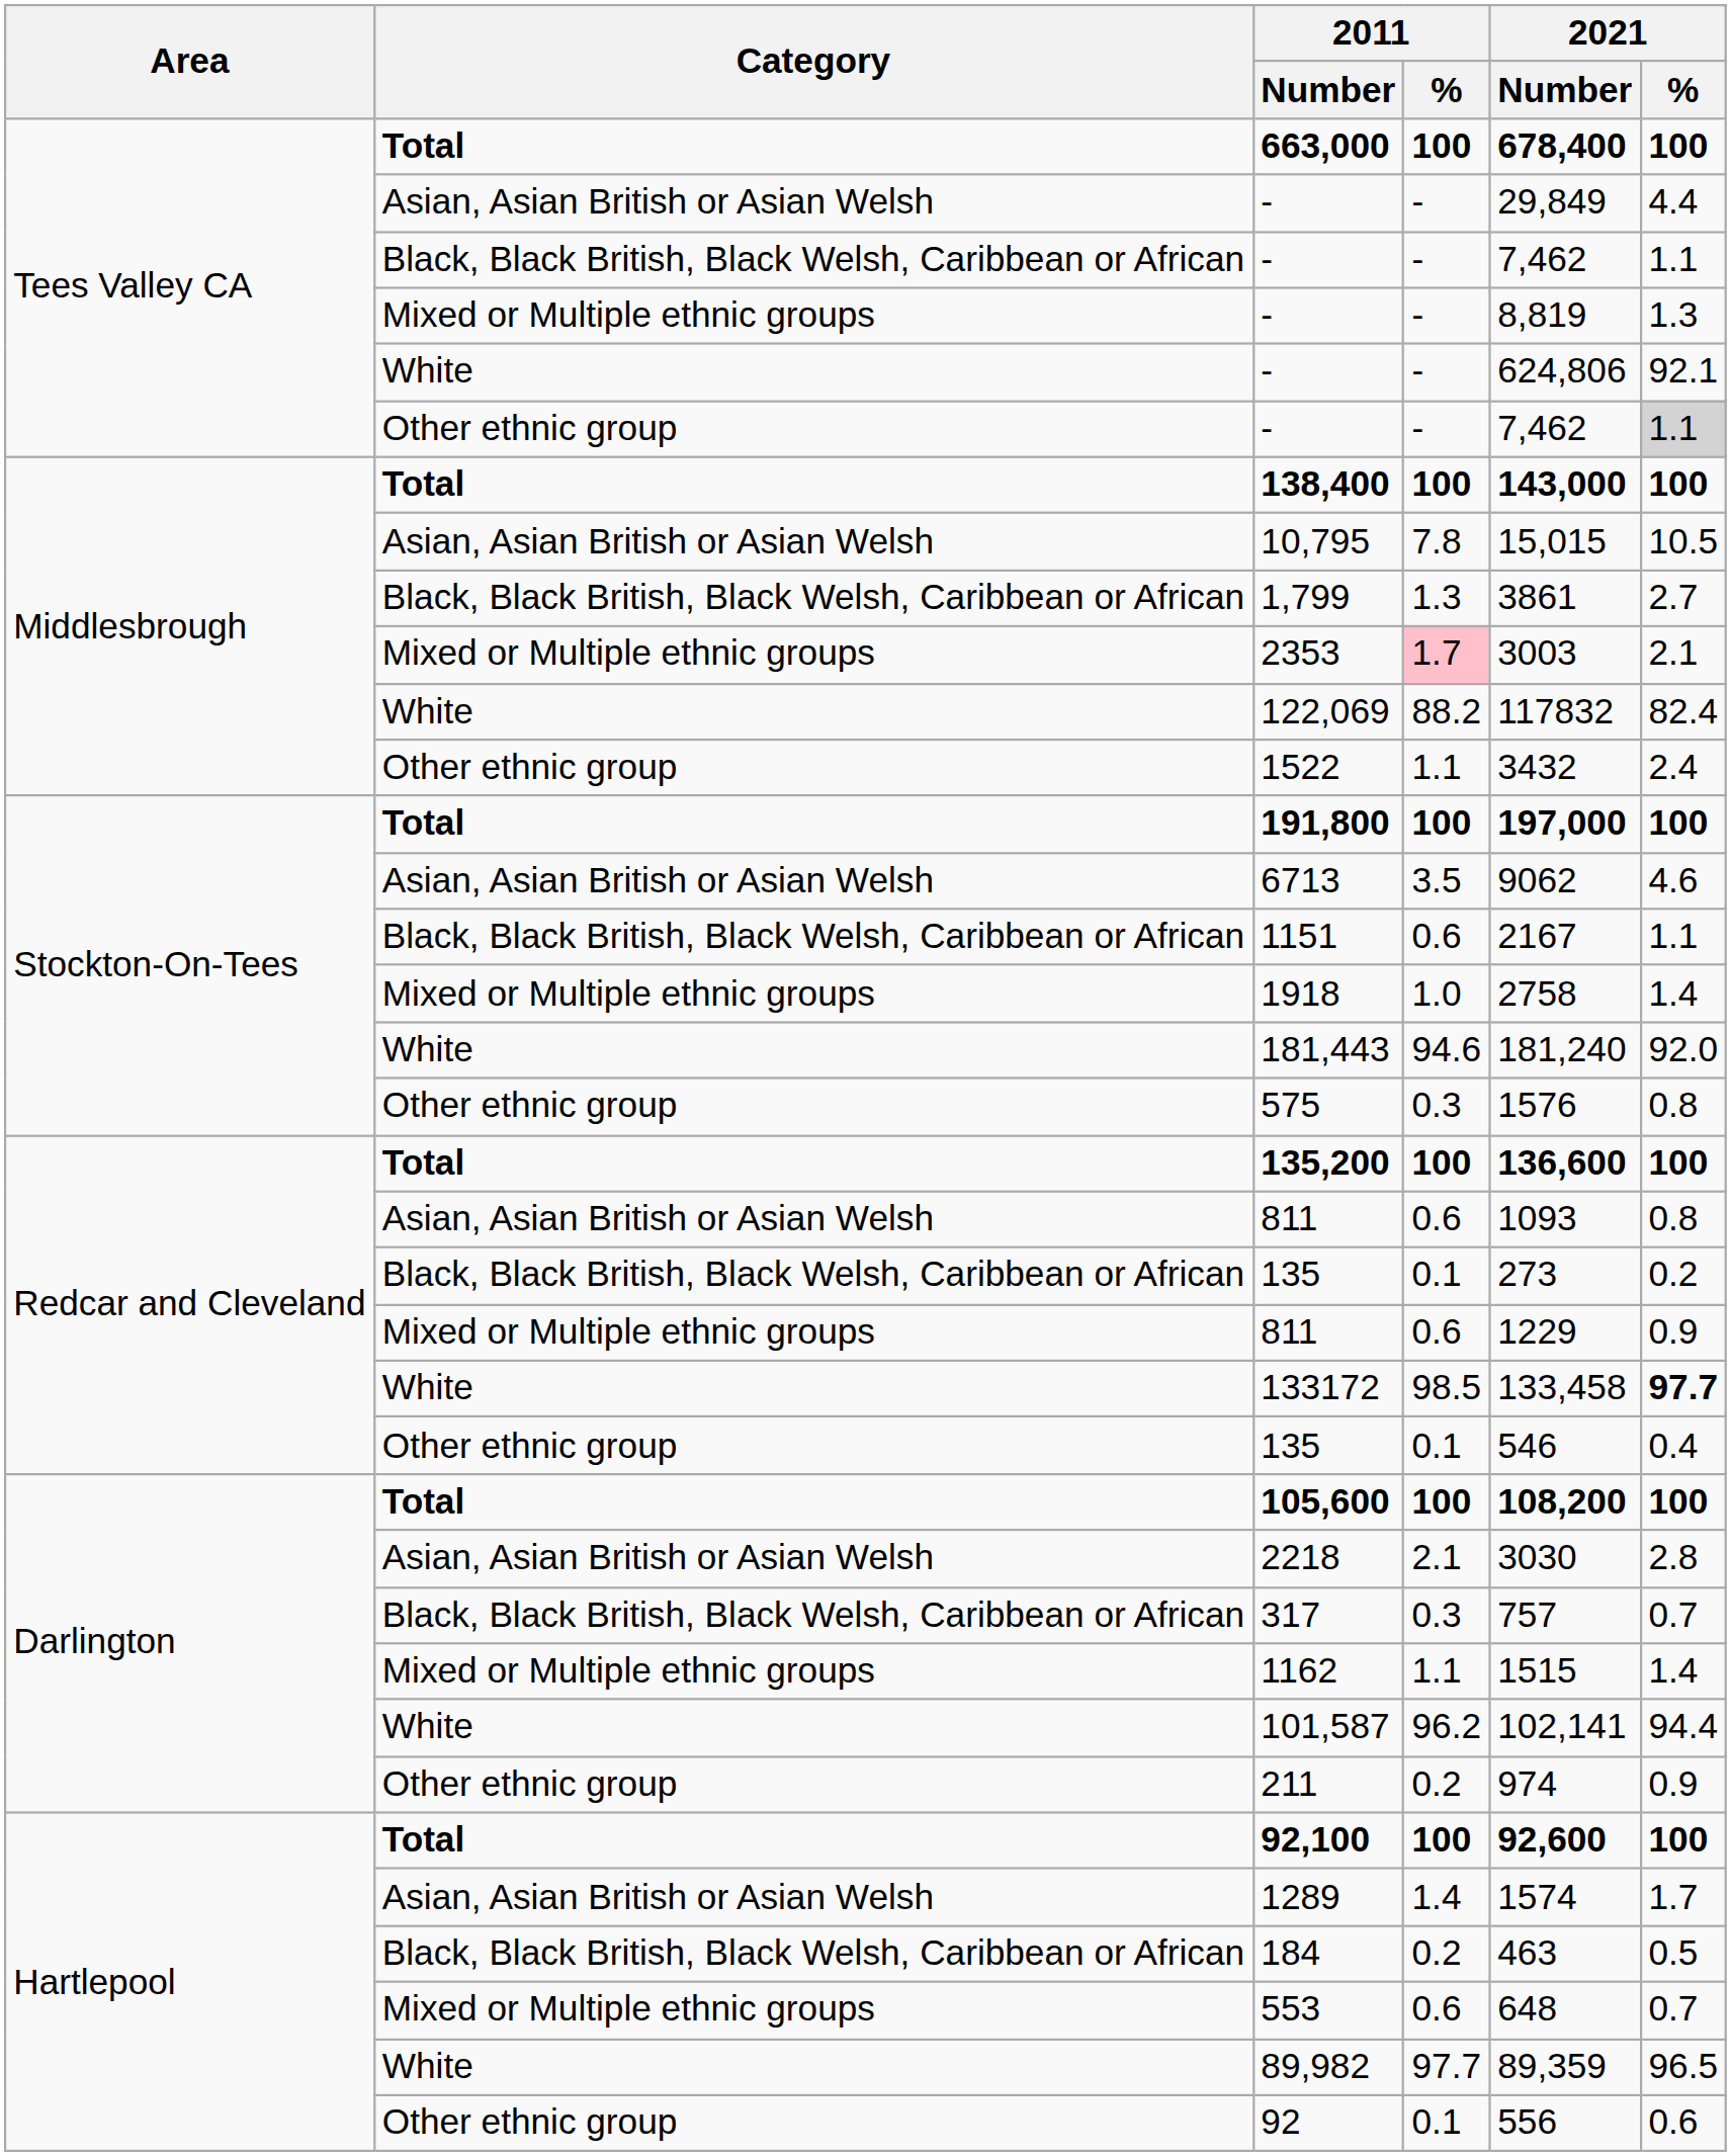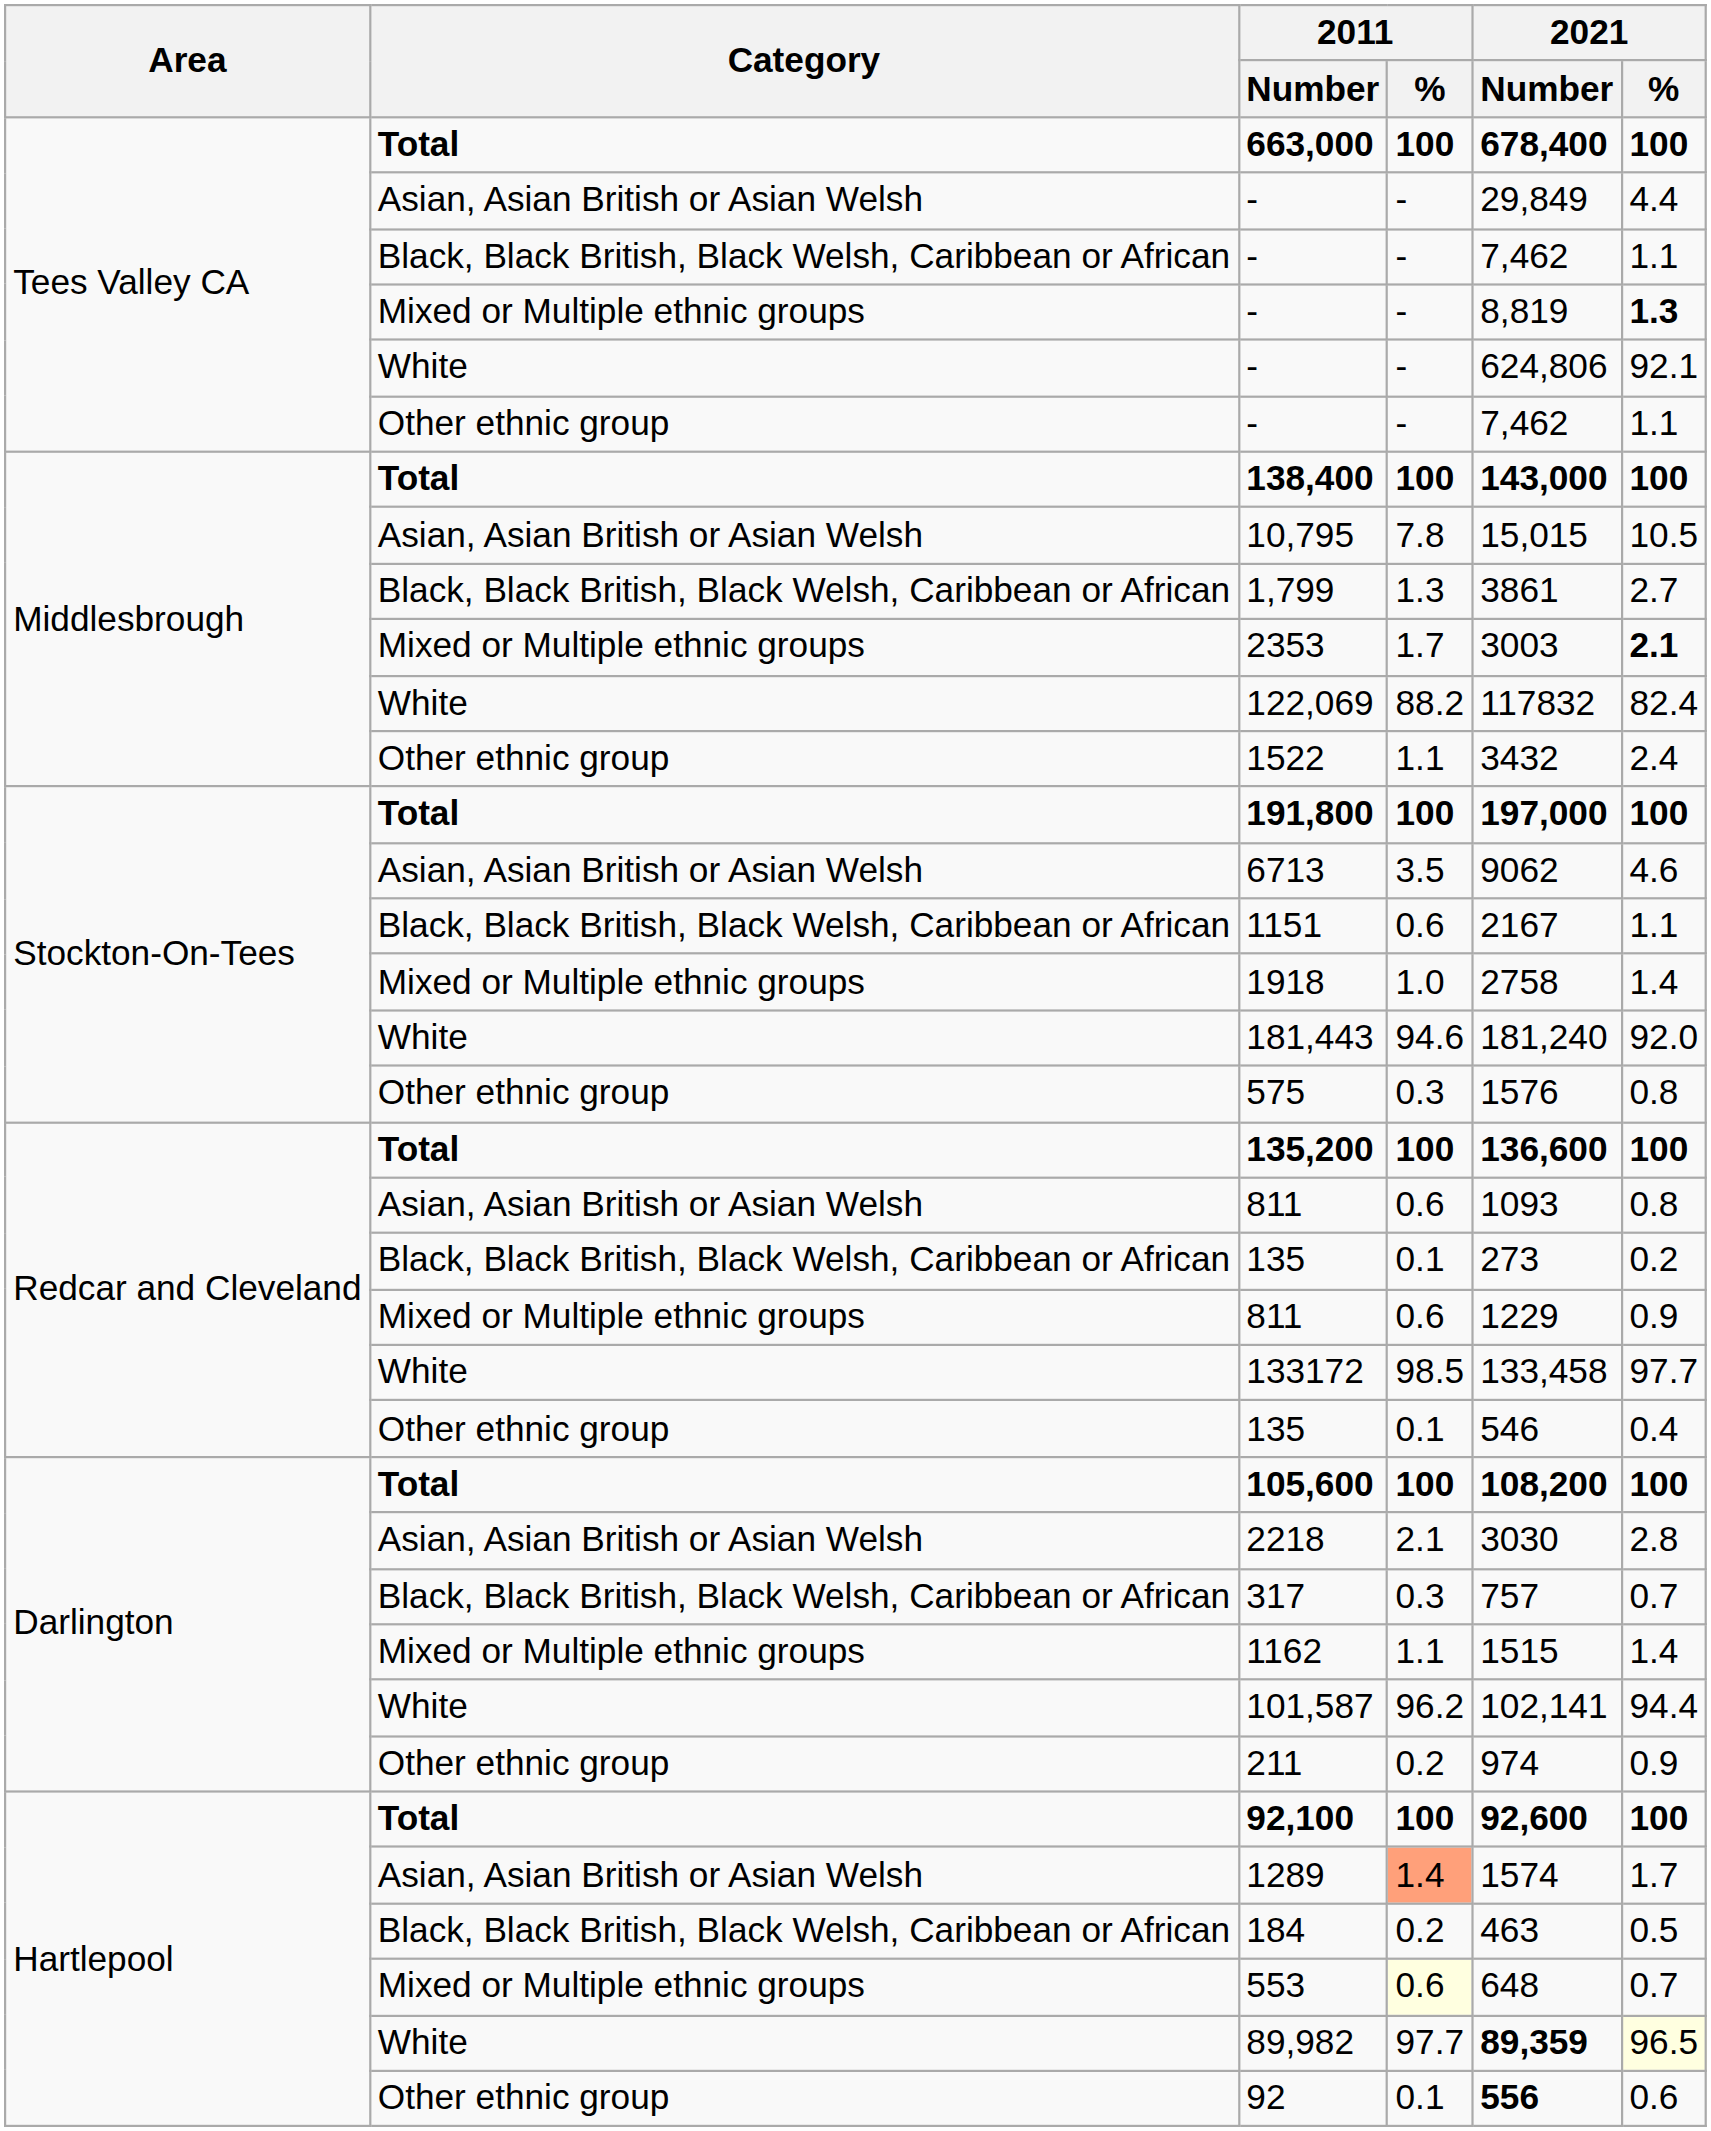 <table class="wikitable">
 <tr>
 <th rowspan="2">Area</th>
 <th rowspan="2">Category</th>
 <th colspan="2">2011</th>
 <th colspan="2">2021</th>
 </tr>
 <tr>
 <th>Number</th>
 <th>%</th>
 <th>Number</th>
 <th>%</th>
 </tr>
 <tr>
 <td rowspan="6">Tees Valley CA</td>
 <td><strong>Total</strong></td>
 <td><strong>663,000</strong></td>
 <td><strong>100</strong></td>
 <td><strong>678,400</strong></td>
 <td><strong>100</strong></td>
 </tr>
 <tr>
 <td>Asian, Asian British or Asian Welsh</td>
 <td>-</td>
 <td>-</td>
 <td>29,849</td>
 <td>4.4</td>
 </tr>
 <tr>
 <td>Black, Black British, Black Welsh, Caribbean or African</td>
 <td>-</td>
 <td>-</td>
 <td>7,462</td>
 <td>1.1</td>
 </tr>
 <tr>
 <td>Mixed or Multiple ethnic groups</td>
 <td>-</td>
 <td>-</td>
 <td>8,819</td>
-<td>1.3</td>
+<td><strong>1.3</strong></td>
 </tr>
 <tr>
 <td>White</td>
 <td>-</td>
 <td>-</td>
 <td>624,806</td>
 <td>92.1</td>
 </tr>
 <tr>
 <td>Other ethnic group</td>
 <td>-</td>
 <td>-</td>
 <td>7,462</td>
-<td style="background: lightgrey;">1.1</td>
+<td>1.1</td>
 </tr>
 <tr>
 <td rowspan="6">Middlesbrough</td>
 <td><strong>Total</strong></td>
 <td><strong>138,400</strong></td>
 <td><strong>100</strong></td>
 <td><strong>143,000</strong></td>
 <td><strong>100</strong></td>
 </tr>
 <tr>
 <td>Asian, Asian British or Asian Welsh</td>
 <td>10,795</td>
 <td>7.8</td>
 <td>15,015</td>
 <td>10.5</td>
 </tr>
 <tr>
 <td>Black, Black British, Black Welsh, Caribbean or African</td>
 <td>1,799</td>
 <td>1.3</td>
 <td>3861</td>
 <td>2.7</td>
 </tr>
 <tr>
 <td>Mixed or Multiple ethnic groups</td>
 <td>2353</td>
-<td style="background: pink;">1.7</td>
+<td>1.7</td>
 <td>3003</td>
-<td>2.1</td>
+<td><strong>2.1</strong></td>
 </tr>
 <tr>
 <td>White</td>
 <td>122,069</td>
 <td>88.2</td>
 <td>117832</td>
 <td>82.4</td>
 </tr>
 <tr>
 <td>Other ethnic group</td>
 <td>1522</td>
 <td>1.1</td>
 <td>3432</td>
 <td>2.4</td>
 </tr>
 <tr>
 <td rowspan="6">Stockton-On-Tees</td>
 <td><strong>Total</strong></td>
 <td><strong>191,800</strong></td>
 <td><strong>100</strong></td>
 <td><strong>197,000</strong></td>
 <td><strong>100</strong></td>
 </tr>
 <tr>
 <td>Asian, Asian British or Asian Welsh</td>
 <td>6713</td>
 <td>3.5</td>
 <td>9062</td>
 <td>4.6</td>
 </tr>
 <tr>
 <td>Black, Black British, Black Welsh, Caribbean or African</td>
 <td>1151</td>
 <td>0.6</td>
 <td>2167</td>
 <td>1.1</td>
 </tr>
 <tr>
 <td>Mixed or Multiple ethnic groups</td>
 <td>1918</td>
 <td>1.0</td>
 <td>2758</td>
 <td>1.4</td>
 </tr>
 <tr>
 <td>White</td>
 <td>181,443</td>
 <td>94.6</td>
 <td>181,240</td>
 <td>92.0</td>
 </tr>
 <tr>
 <td>Other ethnic group</td>
 <td>575</td>
 <td>0.3</td>
 <td>1576</td>
 <td>0.8</td>
 </tr>
 <tr>
 <td rowspan="6">Redcar and Cleveland</td>
 <td><strong>Total</strong></td>
 <td><strong>135,200</strong></td>
 <td><strong>100</strong></td>
 <td><strong>136,600</strong></td>
 <td><strong>100</strong></td>
 </tr>
 <tr>
 <td>Asian, Asian British or Asian Welsh</td>
 <td>811</td>
 <td>0.6</td>
 <td>1093</td>
 <td>0.8</td>
 </tr>
 <tr>
 <td>Black, Black British, Black Welsh, Caribbean or African</td>
 <td>135</td>
 <td>0.1</td>
 <td>273</td>
 <td>0.2</td>
 </tr>
 <tr>
 <td>Mixed or Multiple ethnic groups</td>
 <td>811</td>
 <td>0.6</td>
 <td>1229</td>
 <td>0.9</td>
 </tr>
 <tr>
 <td>White</td>
 <td>133172</td>
 <td>98.5</td>
 <td>133,458</td>
-<td><strong>97.7</strong></td>
+<td>97.7</td>
 </tr>
 <tr>
 <td>Other ethnic group</td>
 <td>135</td>
 <td>0.1</td>
 <td>546</td>
 <td>0.4</td>
 </tr>
 <tr>
 <td rowspan="6">Darlington</td>
 <td><strong>Total</strong></td>
 <td><strong>105,600</strong></td>
 <td><strong>100</strong></td>
 <td><strong>108,200</strong></td>
 <td><strong>100</strong></td>
 </tr>
 <tr>
 <td>Asian, Asian British or Asian Welsh</td>
 <td>2218</td>
 <td>2.1</td>
 <td>3030</td>
 <td>2.8</td>
 </tr>
 <tr>
 <td>Black, Black British, Black Welsh, Caribbean or African</td>
 <td>317</td>
 <td>0.3</td>
 <td>757</td>
 <td>0.7</td>
 </tr>
 <tr>
 <td>Mixed or Multiple ethnic groups</td>
 <td>1162</td>
 <td>1.1</td>
 <td>1515</td>
 <td>1.4</td>
 </tr>
 <tr>
 <td>White</td>
 <td>101,587</td>
 <td>96.2</td>
 <td>102,141</td>
 <td>94.4</td>
 </tr>
 <tr>
 <td>Other ethnic group</td>
 <td>211</td>
 <td>0.2</td>
 <td>974</td>
 <td>0.9</td>
 </tr>
 <tr>
 <td rowspan="6">Hartlepool</td>
 <td><strong>Total</strong></td>
 <td><strong>92,100</strong></td>
 <td><strong>100</strong></td>
 <td><strong>92,600</strong></td>
 <td><strong>100</strong></td>
 </tr>
 <tr>
 <td>Asian, Asian British or Asian Welsh</td>
 <td>1289</td>
-<td>1.4</td>
+<td style="background: lightsalmon;">1.4</td>
 <td>1574</td>
 <td>1.7</td>
 </tr>
 <tr>
 <td>Black, Black British, Black Welsh, Caribbean or African</td>
 <td>184</td>
 <td>0.2</td>
 <td>463</td>
 <td>0.5</td>
 </tr>
 <tr>
 <td>Mixed or Multiple ethnic groups</td>
 <td>553</td>
-<td>0.6</td>
+<td style="background: lightyellow;">0.6</td>
 <td>648</td>
 <td>0.7</td>
 </tr>
 <tr>
 <td>White</td>
 <td>89,982</td>
 <td>97.7</td>
-<td>89,359</td>
-<td>96.5</td>
+<td><strong>89,359</strong></td>
+<td style="background: lightyellow;">96.5</td>
 </tr>
 <tr>
 <td>Other ethnic group</td>
 <td>92</td>
 <td>0.1</td>
-<td>556</td>
+<td><strong>556</strong></td>
 <td>0.6</td>
 </tr>
 </table>
